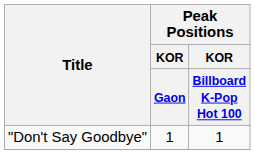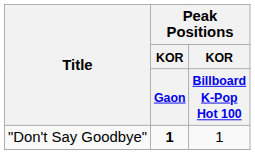 <table class="wikitable" style="text-align:center;">
 <tr>
 <th rowspan=3>Title</th>
 <th colspan=2>Peak Positions</th>
 </tr>
 <tr>
 <th width="30"><small>KOR</small></th>
 <th width="30"><small>KOR</small></th>
 </tr>
 <tr>
 <th align=center><small><a href='#'>Gaon</a></small><br></th>
 <th width="30"><small><a href='#'>Billboard</a> <a href='#'>K-Pop Hot 100</a></small><br></th>
 </tr>
 <tr>
 <td align="left">"Don't Say Goodbye"</td>
-<td align=center>1</td>
+<td align=center><strong>1</strong></td>
 <td align=center>1</td>
 </tr>
 <tr>
 </tr>
 </table>
